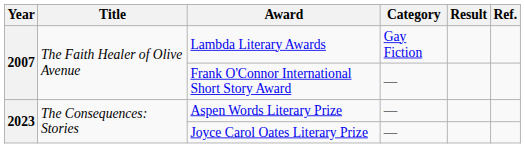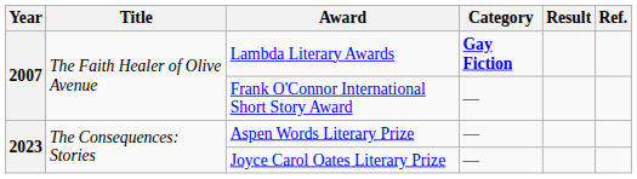 <table class="wikitable sortable">
 <tr>
 <th>Year</th>
 <th>Title</th>
 <th>Award</th>
 <th>Category</th>
 <th>Result</th>
 <th>Ref.</th>
 </tr>
 <tr>
 <th rowspan="2">2007</th>
 <td rowspan="2"><em>The Faith Healer of Olive Avenue</em></td>
 <td><a href='#'>Lambda Literary Awards</a></td>
-<td><a href='#'>Gay Fiction</a></td>
+<td><strong><a href='#'>Gay Fiction</a></strong></td>
 <td></td>
 <td></td>
 </tr>
 <tr>
 <td><a href='#'>Frank O'Connor International Short Story Award</a></td>
 <td>—</td>
 <td></td>
 <td></td>
 </tr>
 <tr>
 <th rowspan="2">2023</th>
 <td rowspan="2"><em>The Consequences: Stories</em></td>
 <td><a href='#'>Aspen Words Literary Prize</a></td>
 <td>—</td>
 <td></td>
 <td></td>
 </tr>
 <tr>
 <td><a href='#'>Joyce Carol Oates Literary Prize</a></td>
 <td>—</td>
 <td></td>
 <td></td>
 </tr>
 </table>
